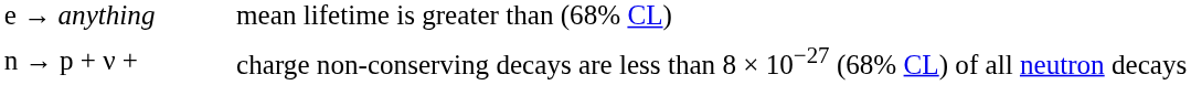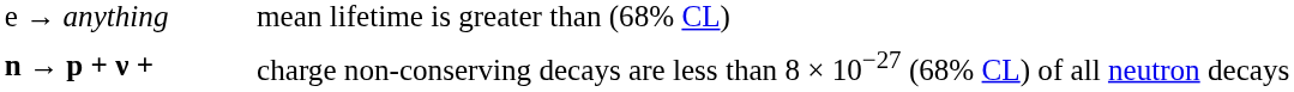 <table border="0" cellpadding="2">
 <tr>
 <td></td>
 <td style="width: 8em">e → <em>anything</em></td>
 <td>mean lifetime is greater than  (68% <a href='#'>CL</a>)</td>
 </tr>
 <tr>
 <td></td>
-<td>n → p + ν + </td>
+<td><strong>n → p + ν + </strong></td>
 <td>charge non-conserving decays are less than 8 × 10<sup>−27</sup> (68% <a href='#'>CL</a>) of all <a href='#'>neutron</a> decays</td>
 </tr>
 </table>
